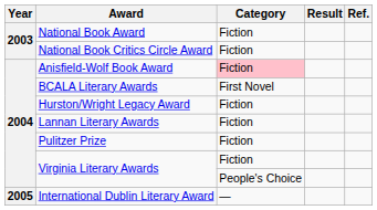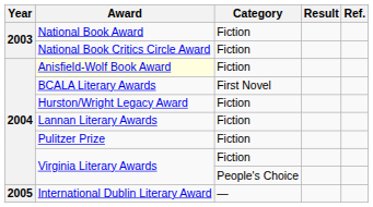 <table class="wikitable sortable">
 <tr>
 <th>Year</th>
 <th>Award</th>
 <th>Category</th>
 <th>Result</th>
 <th>Ref.</th>
 </tr>
 <tr>
 <th rowspan="2">2003</th>
 <td><a href='#'>National Book Award</a></td>
 <td>Fiction</td>
 <td></td>
 <td></td>
 </tr>
 <tr>
 <td><a href='#'>National Book Critics Circle Award</a></td>
 <td>Fiction</td>
 <td></td>
 <td></td>
 </tr>
 <tr>
 <th rowspan="7">2004</th>
-<td><a href='#'>Anisfield-Wolf Book Award</a></td>
-<td style="background: pink;">Fiction</td>
+<td style="background: lightyellow;"><a href='#'>Anisfield-Wolf Book Award</a></td>
+<td>Fiction</td>
 <td></td>
 <td></td>
 </tr>
 <tr>
 <td><a href='#'>BCALA Literary Awards</a></td>
 <td>First Novel</td>
 <td></td>
 <td></td>
 </tr>
 <tr>
 <td><a href='#'>Hurston/Wright Legacy Award</a></td>
 <td>Fiction</td>
 <td></td>
 <td></td>
 </tr>
 <tr>
 <td><a href='#'>Lannan Literary Awards</a></td>
 <td>Fiction</td>
 <td></td>
 <td></td>
 </tr>
 <tr>
 <td><a href='#'>Pulitzer Prize</a></td>
 <td>Fiction</td>
 <td></td>
 <td></td>
 </tr>
 <tr>
 <td rowspan="2"><a href='#'>Virginia Literary Awards</a></td>
 <td>Fiction</td>
 <td></td>
 <td></td>
 </tr>
 <tr>
 <td>People's Choice</td>
 <td></td>
 <td></td>
 </tr>
 <tr>
 <th>2005</th>
 <td><a href='#'>International Dublin Literary Award</a></td>
 <td>—</td>
 <td></td>
 <td></td>
 </tr>
 </table>
